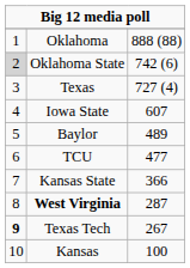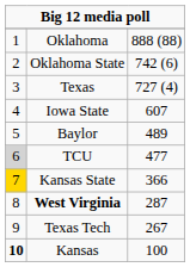 <table class="wikitable" style="display: inline-table;">
 <tr>
 <td align="center" Colspan="3"><strong>Big 12 media poll</strong></td>
 </tr>
 <tr align="center">
 </tr>
 <tr align="center">
 <td>1</td>
 <td>Oklahoma</td>
 <td>888 (88)</td>
 </tr>
 <tr align="center">
-<td style="background: lightgrey;">2</td>
+<td>2</td>
 <td>Oklahoma State</td>
 <td>742 (6)</td>
 </tr>
 <tr align="center">
 <td>3</td>
 <td>Texas</td>
 <td>727 (4)</td>
 </tr>
 <tr align="center">
 <td>4</td>
 <td>Iowa State</td>
 <td>607</td>
 </tr>
 <tr align="center">
 <td>5</td>
 <td>Baylor</td>
 <td>489</td>
 </tr>
 <tr align="center">
-<td>6</td>
+<td style="background: lightgrey;">6</td>
 <td>TCU</td>
 <td>477</td>
 </tr>
 <tr align="center">
-<td>7</td>
+<td style="background: gold;">7</td>
 <td>Kansas State</td>
 <td>366</td>
 </tr>
 <tr align="center">
 <td>8</td>
 <td><strong>West Virginia</strong></td>
 <td>287</td>
 </tr>
 <tr align="center">
-<td><strong>9</strong></td>
+<td>9</td>
 <td>Texas Tech</td>
 <td>267</td>
 </tr>
 <tr align="center">
-<td>10</td>
+<td><strong>10</strong></td>
 <td>Kansas</td>
 <td>100</td>
 </tr>
 </table>
